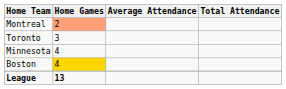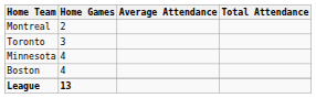 <table class="wikitable sortable">
 <tr>
 <th>Home Team</th>
 <th>Home Games</th>
 <th>Average Attendance</th>
 <th>Total Attendance</th>
 </tr>
 <tr>
 <td>Montreal</td>
-<td style="background: lightsalmon;">2</td>
+<td>2</td>
 <td></td>
 <td></td>
 </tr>
 <tr>
 <td>Toronto</td>
 <td>3</td>
 <td></td>
 <td></td>
 </tr>
 <tr>
 <td>Minnesota</td>
 <td>4</td>
 <td></td>
 <td></td>
 </tr>
 <tr>
 <td>Boston</td>
-<td style="background: gold;">4</td>
+<td>4</td>
 <td></td>
 <td></td>
 </tr>
 <tr>
 </tr>
 <tr class="sortbottom">
 <td><strong>League</strong></td>
 <td><strong>13</strong></td>
 <td><strong> </strong></td>
 <td><strong></strong></td>
 </tr>
 </table>
